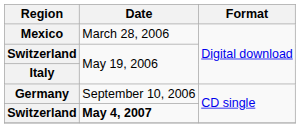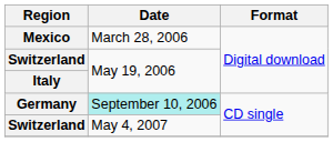 <table class="wikitable plainrowheaders">
 <tr>
 <th>Region</th>
 <th>Date</th>
 <th>Format</th>
 </tr>
 <tr>
 <th scope="row">Mexico</th>
 <td>March 28, 2006</td>
 <td rowspan="3"><a href='#'>Digital download</a></td>
 </tr>
 <tr>
 <th scope="row">Switzerland</th>
 <td rowspan="2">May 19, 2006</td>
 </tr>
 <tr>
 <th scope="row">Italy</th>
 </tr>
 <tr>
 <th scope="row">Germany</th>
-<td rowspan="1">September 10, 2006</td>
+<td rowspan="1" style="background: paleturquoise;">September 10, 2006</td>
 <td rowspan="2"><a href='#'>CD single</a></td>
 </tr>
 <tr>
 <th scope="row">Switzerland</th>
-<td rowspan="1"><strong>May 4, 2007</strong></td>
+<td rowspan="1">May 4, 2007</td>
 </tr>
 <tr>
 </tr>
 </table>
